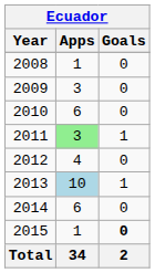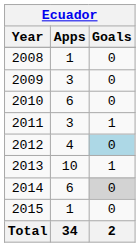 <table class="wikitable" style="text-align:center">
 <tr>
 <th colspan=3><a href='#'>Ecuador</a></th>
 </tr>
 <tr>
 <th>Year</th>
 <th>Apps</th>
 <th>Goals</th>
 </tr>
 <tr>
 </tr>
 <tr>
 <td>2008</td>
 <td>1</td>
 <td>0</td>
 </tr>
 <tr>
 <td>2009</td>
 <td>3</td>
 <td>0</td>
 </tr>
 <tr>
 <td>2010</td>
 <td>6</td>
 <td>0</td>
 </tr>
 <tr>
 <td>2011</td>
-<td style="background: lightgreen;">3</td>
+<td>3</td>
 <td>1</td>
 </tr>
 <tr>
 <td>2012</td>
 <td>4</td>
-<td>0</td>
+<td style="background: lightblue;">0</td>
 </tr>
 <tr>
 <td>2013</td>
-<td style="background: lightblue;">10</td>
+<td>10</td>
 <td>1</td>
 </tr>
 <tr>
 <td>2014</td>
 <td>6</td>
-<td>0</td>
+<td style="background: lightgrey;">0</td>
 </tr>
 <tr>
 <td>2015</td>
 <td>1</td>
-<td><strong>0</strong></td>
+<td>0</td>
 </tr>
 <tr>
 <th>Total</th>
 <th>34</th>
 <th>2</th>
 </tr>
 </table>
